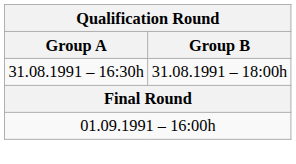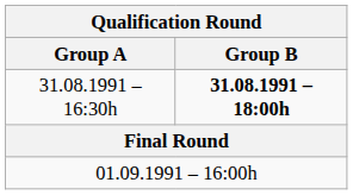 <table class="wikitable" style=" text-align:center; font-size:110%;" width="35%">
 <tr>
 <th colspan="2">Qualification Round</th>
 </tr>
 <tr>
 <th>Group A</th>
 <th>Group B</th>
 </tr>
 <tr>
 <td>31.08.1991 – 16:30h</td>
-<td>31.08.1991 – 18:00h</td>
+<td><strong>31.08.1991 – 18:00h</strong></td>
 </tr>
 <tr>
 <th colspan="2">Final Round</th>
 </tr>
 <tr>
 <td colspan="2">01.09.1991 – 16:00h</td>
 </tr>
 </table>
